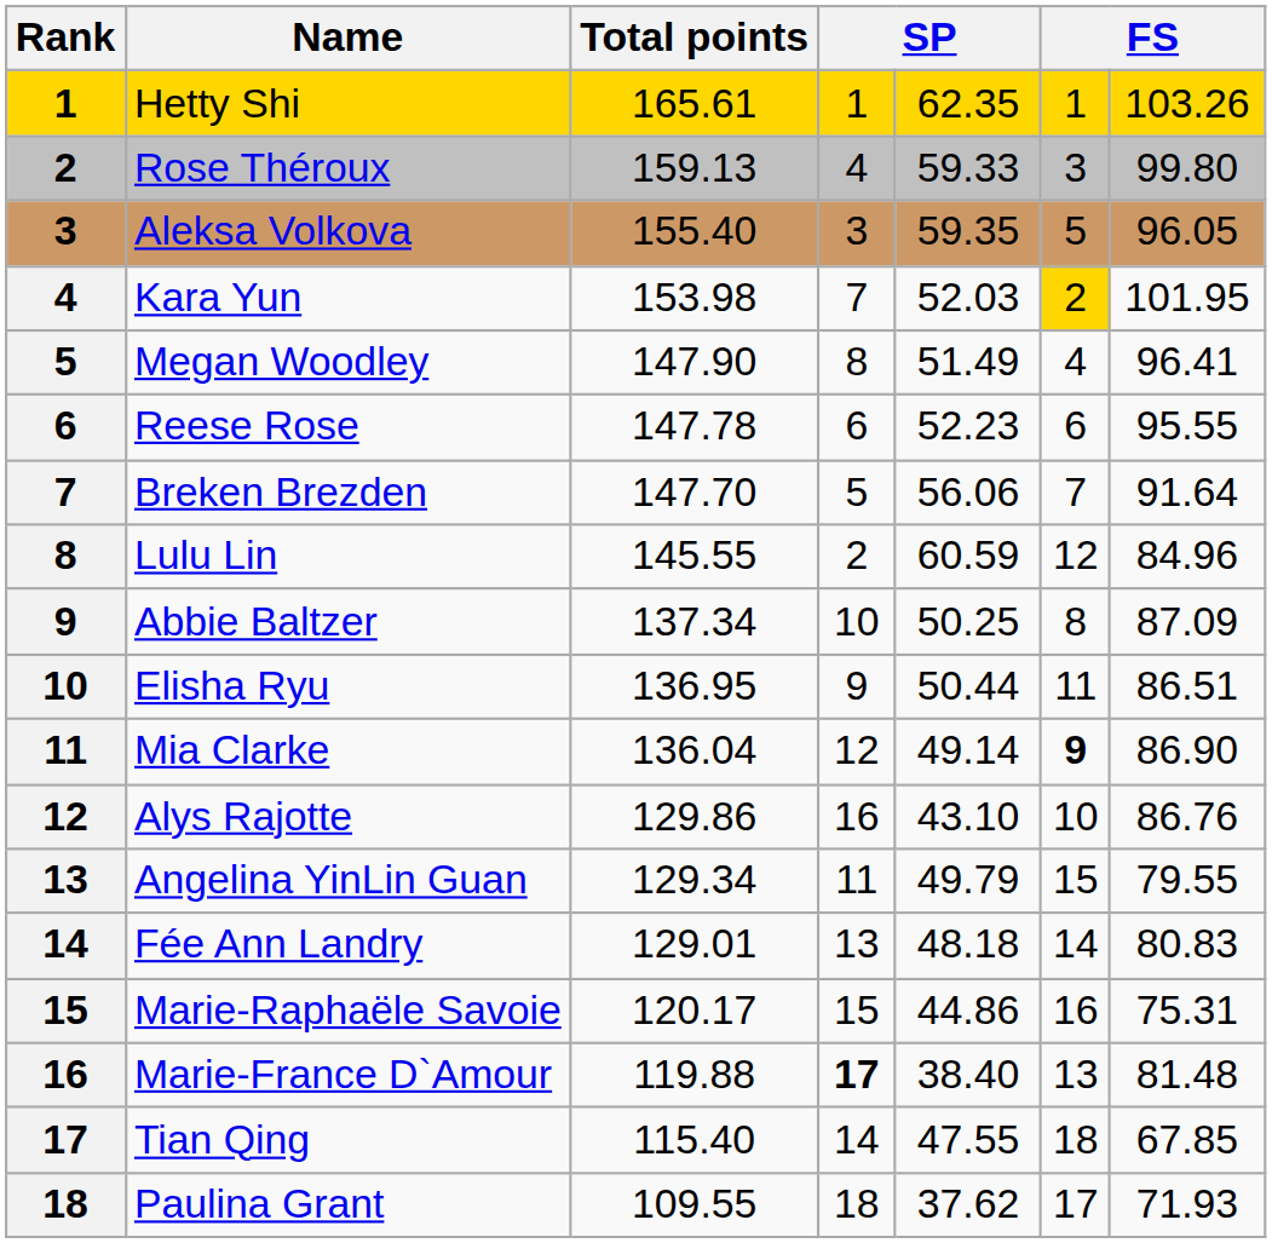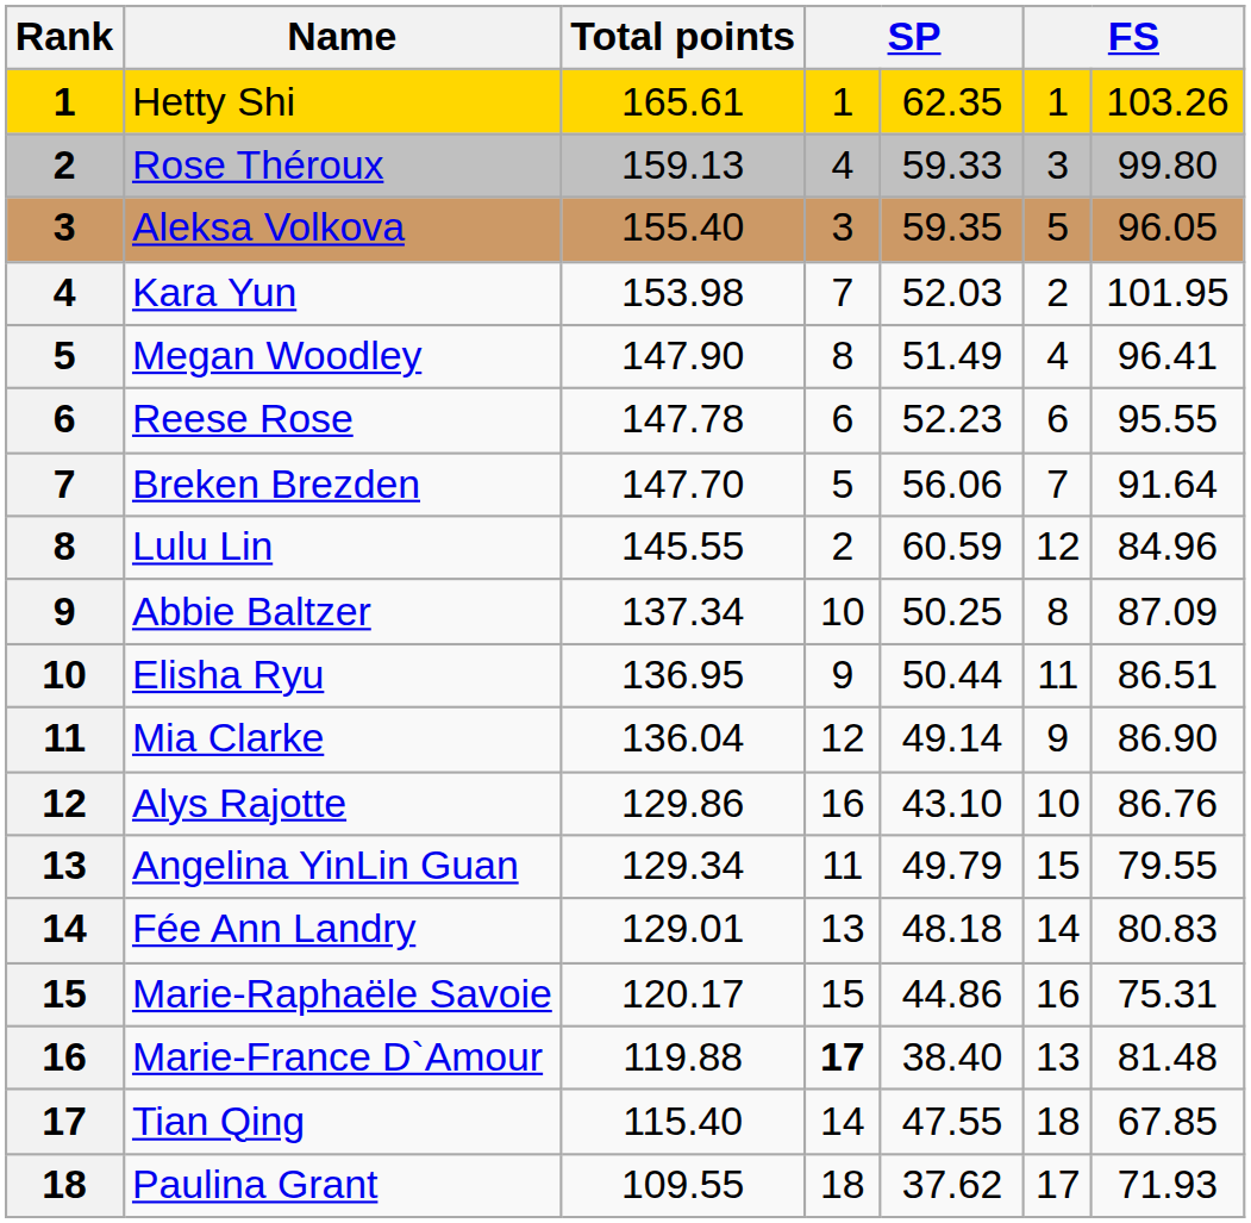 <table class="wikitable sortable">
 <tr>
 <th>Rank</th>
 <th>Name</th>
 <th>Total points</th>
 <th colspan="2" width="80px"><a href='#'>SP</a></th>
 <th colspan="2" width="80px"><a href='#'>FS</a></th>
 </tr>
 <tr bgcolor="gold">
 <td align="center"><strong>1</strong></td>
 <td>Hetty Shi</td>
 <td align="center">165.61</td>
 <td align="center">1</td>
 <td align="center">62.35</td>
 <td align="center">1</td>
 <td align="center">103.26</td>
 </tr>
 <tr bgcolor="silver">
 <td align="center"><strong>2</strong></td>
 <td><a href='#'>Rose Théroux</a></td>
 <td align="center">159.13</td>
 <td align="center">4</td>
 <td align="center">59.33</td>
 <td align="center">3</td>
 <td align="center">99.80</td>
 </tr>
 <tr bgcolor="cc9966">
 <td align="center"><strong>3</strong></td>
 <td><a href='#'>Aleksa Volkova</a></td>
 <td align="center">155.40</td>
 <td align="center">3</td>
 <td align="center">59.35</td>
 <td align="center">5</td>
 <td align="center">96.05</td>
 </tr>
 <tr>
 <th>4</th>
 <td><a href='#'>Kara Yun</a></td>
 <td align="center">153.98</td>
 <td align="center">7</td>
 <td align="center">52.03</td>
-<td align="center" style="background: gold;">2</td>
+<td align="center">2</td>
 <td align="center">101.95</td>
 </tr>
 <tr>
 <th>5</th>
 <td><a href='#'>Megan Woodley</a></td>
 <td align="center">147.90</td>
 <td align="center">8</td>
 <td align="center">51.49</td>
 <td align="center">4</td>
 <td align="center">96.41</td>
 </tr>
 <tr>
 <th>6</th>
 <td><a href='#'>Reese Rose</a></td>
 <td align="center">147.78</td>
 <td align="center">6</td>
 <td align="center">52.23</td>
 <td align="center">6</td>
 <td align="center">95.55</td>
 </tr>
 <tr>
 <th>7</th>
 <td><a href='#'>Breken Brezden</a></td>
 <td align="center">147.70</td>
 <td align="center">5</td>
 <td align="center">56.06</td>
 <td align="center">7</td>
 <td align="center">91.64</td>
 </tr>
 <tr>
 <th>8</th>
 <td><a href='#'>Lulu Lin</a></td>
 <td align="center">145.55</td>
 <td align="center">2</td>
 <td align="center">60.59</td>
 <td align="center">12</td>
 <td align="center">84.96</td>
 </tr>
 <tr>
 <th>9</th>
 <td><a href='#'>Abbie Baltzer</a></td>
 <td align="center">137.34</td>
 <td align="center">10</td>
 <td align="center">50.25</td>
 <td align="center">8</td>
 <td align="center">87.09</td>
 </tr>
 <tr>
 <th>10</th>
 <td><a href='#'>Elisha Ryu</a></td>
 <td align="center">136.95</td>
 <td align="center">9</td>
 <td align="center">50.44</td>
 <td align="center">11</td>
 <td align="center">86.51</td>
 </tr>
 <tr>
 <th>11</th>
 <td><a href='#'>Mia Clarke</a></td>
 <td align="center">136.04</td>
 <td align="center">12</td>
 <td align="center">49.14</td>
-<td align="center"><strong>9</strong></td>
+<td align="center">9</td>
 <td align="center">86.90</td>
 </tr>
 <tr>
 <th>12</th>
 <td><a href='#'>Alys Rajotte</a></td>
 <td align="center">129.86</td>
 <td align="center">16</td>
 <td align="center">43.10</td>
 <td align="center">10</td>
 <td align="center">86.76</td>
 </tr>
 <tr>
 <th>13</th>
 <td><a href='#'>Angelina YinLin Guan</a></td>
 <td align="center">129.34</td>
 <td align="center">11</td>
 <td align="center">49.79</td>
 <td align="center">15</td>
 <td align="center">79.55</td>
 </tr>
 <tr>
 <th>14</th>
 <td><a href='#'>Fée Ann Landry</a></td>
 <td align="center">129.01</td>
 <td align="center">13</td>
 <td align="center">48.18</td>
 <td align="center">14</td>
 <td align="center">80.83</td>
 </tr>
 <tr>
 <th>15</th>
 <td><a href='#'>Marie-Raphaële Savoie</a></td>
 <td align="center">120.17</td>
 <td align="center">15</td>
 <td align="center">44.86</td>
 <td align="center">16</td>
 <td align="center">75.31</td>
 </tr>
 <tr>
 <th>16</th>
 <td><a href='#'>Marie-France D`Amour</a></td>
 <td align="center">119.88</td>
 <td align="center"><strong>17</strong></td>
 <td align="center">38.40</td>
 <td align="center">13</td>
 <td align="center">81.48</td>
 </tr>
 <tr>
 <th>17</th>
 <td><a href='#'>Tian Qing</a></td>
 <td align="center">115.40</td>
 <td align="center">14</td>
 <td align="center">47.55</td>
 <td align="center">18</td>
 <td align="center">67.85</td>
 </tr>
 <tr>
 <th>18</th>
 <td><a href='#'>Paulina Grant</a></td>
 <td align="center">109.55</td>
 <td align="center">18</td>
 <td align="center">37.62</td>
 <td align="center">17</td>
 <td align="center">71.93</td>
 </tr>
 </table>
